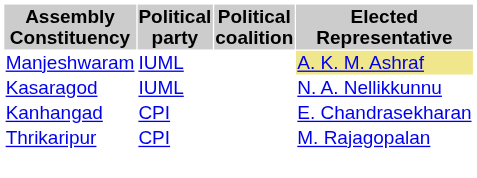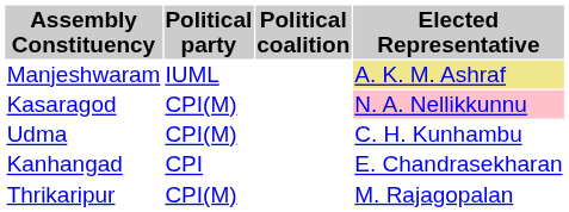 <table align="left" class="toccolours" cellspacing="1" cellpadding="1" style="margin-right: .5em; margin-top: .4em; font-size: 90%">
 <tr>
 </tr>
 <tr bgcolor="#cccccc" valign="top">
 <th>Assembly <br>Constituency</th>
 <th>Political <br>party</th>
 <th>Political <br>coalition</th>
 <th>Elected <br> Representative</th>
 </tr>
 <tr>
 <td><a href='#'>Manjeshwaram</a></td>
 <td style="background-color:"><a href='#'><span>IUML</span></a></td>
 <td></td>
 <td style="background: khaki;"><a href='#'>A. K. M. Ashraf</a></td>
 </tr>
 <tr>
 <td><a href='#'>Kasaragod</a></td>
-<td style="background-color:"><a href='#'><span>IUML</span></a></td>
+<td style="background-color:"><a href='#'><span>CPI(M)</span></a></td>
 <td></td>
-<td><a href='#'>N. A. Nellikkunnu</a></td>
+<td style="background: pink;"><a href='#'>N. A. Nellikkunnu</a></td>
+</tr>
+<tr>
+<td><a href='#'>Udma</a></td>
+<td style="background-color:"><a href='#'><span>CPI(M)</span></a></td>
+<td></td>
+<td><a href='#'>C. H. Kunhambu</a></td>
 </tr>
 <tr>
 <td><a href='#'>Kanhangad</a></td>
 <td style="background-color:"><a href='#'><span>CPI</span></a></td>
 <td></td>
 <td><a href='#'>E. Chandrasekharan</a></td>
 </tr>
 <tr>
 <td><a href='#'>Thrikaripur</a></td>
-<td style="background-color:"><a href='#'><span>CPI</span></a></td>
+<td style="background-color:"><a href='#'><span>CPI(M)</span></a></td>
 <td></td>
 <td><a href='#'>M. Rajagopalan</a></td>
 </tr>
 </table>
